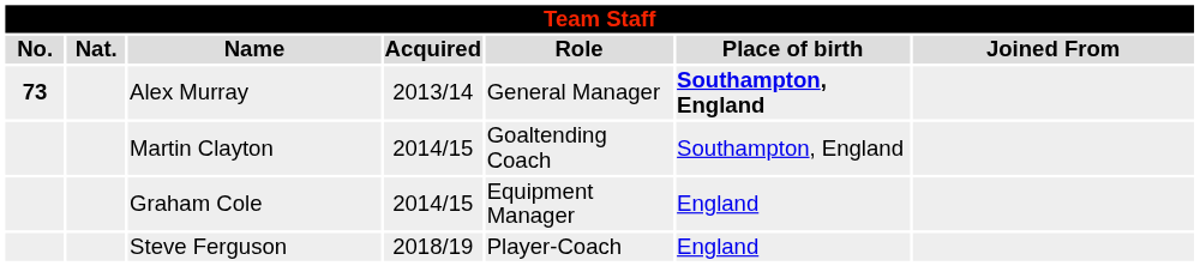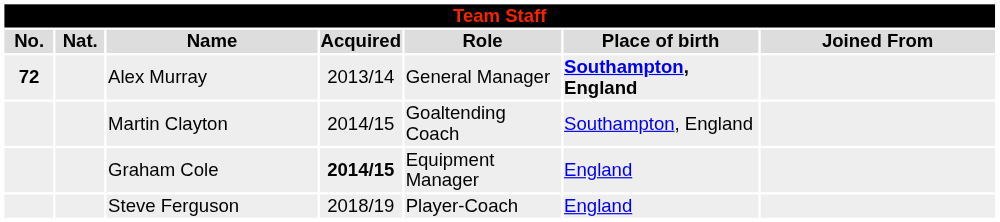 <table class="toccolours"  style="width:97%; clear:both; margin:1.5em auto; text-align:center;">
 <tr>
 <th colspan="11" style="background:black; color:#f42300;”">Team Staff</th>
 </tr>
 <tr style="background:#ddd;">
 <th width=5%>No.</th>
 <th width=5%>Nat.</th>
 <th !width=22%>Name</th>
 <th width=7%>Acquired</th>
 <th width=16%>Role</th>
 <th width=20%>Place of birth</th>
 <th width=24%>Joined From</th>
 </tr>
 <tr style="background:#eee;">
-<td><strong>73</strong></td>
+<td><strong>72</strong></td>
 <td></td>
 <td align=left>Alex Murray</td>
 <td>2013/14</td>
 <td align=left>General Manager</td>
 <td align=left><strong><a href='#'>Southampton</a>, England</strong></td>
 <td align=left></td>
 </tr>
 <tr style="background:#eee;">
 <td></td>
 <td></td>
 <td align=left>Martin Clayton</td>
 <td>2014/15</td>
 <td align=left>Goaltending Coach</td>
 <td align=left><a href='#'>Southampton</a>, England</td>
 <td align=left></td>
 </tr>
 <tr style="background:#eee;">
 <td></td>
 <td></td>
 <td align=left>Graham Cole</td>
-<td>2014/15</td>
+<td><strong>2014/15</strong></td>
 <td align=left>Equipment Manager</td>
 <td align=left><a href='#'>England</a></td>
 <td align=left></td>
 </tr>
 <tr style="background:#eee;">
 <td></td>
 <td></td>
 <td align=left>Steve Ferguson</td>
 <td>2018/19</td>
 <td align=left>Player-Coach</td>
 <td align=left><a href='#'>England</a></td>
 <td align=left></td>
 </tr>
 </table>
